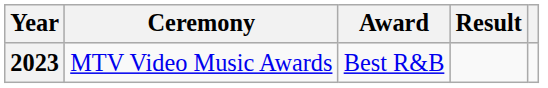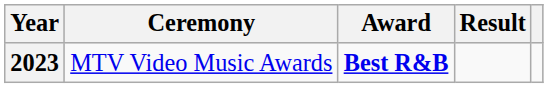 <table class="wikitable sortable plainrowheaders">
 <tr>
 <th scope="col">Year</th>
 <th scope="col">Ceremony</th>
 <th scope="col">Award</th>
 <th scope="col">Result</th>
 <th scope="col" class="unsortable"></th>
 </tr>
 <tr>
 <th scope="row" rowspan="6">2023</th>
 <td rowspan="2"><a href='#'>MTV Video Music Awards</a></td>
-<td><a href='#'>Best R&B</a></td>
+<td><strong><a href='#'>Best R&B</a></strong></td>
 <td></td>
 <td></td>
 </tr>
 </table>
